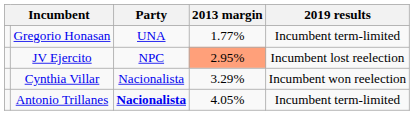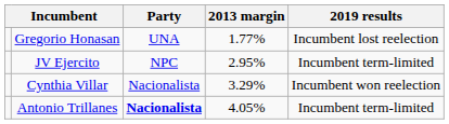 <table class="wikitable" style="font-size:98%; text-align:center;">
 <tr>
 <th colspan="2">Incumbent</th>
 <th>Party</th>
 <th>2013 margin</th>
 <th>2019 results</th>
 </tr>
 <tr>
 <td style="background:"></td>
 <td><a href='#'>Gregorio Honasan</a></td>
 <td><a href='#'>UNA</a></td>
 <td>1.77%</td>
-<td>Incumbent term-limited</td>
+<td>Incumbent lost reelection</td>
 </tr>
 <tr>
 <td style="background:"></td>
 <td><a href='#'>JV Ejercito</a></td>
 <td><a href='#'>NPC</a></td>
-<td style="background: lightsalmon;">2.95%</td>
-<td>Incumbent lost reelection</td>
+<td>2.95%</td>
+<td>Incumbent term-limited</td>
 </tr>
 <tr>
 <td style="background:"></td>
 <td><a href='#'>Cynthia Villar</a></td>
 <td><a href='#'>Nacionalista</a></td>
 <td>3.29%</td>
 <td>Incumbent won reelection</td>
 </tr>
 <tr>
 <td style="background:"></td>
 <td><a href='#'>Antonio Trillanes</a></td>
 <td><strong><a href='#'>Nacionalista</a></strong></td>
 <td>4.05%</td>
 <td>Incumbent term-limited</td>
 </tr>
 </table>
